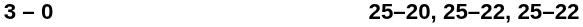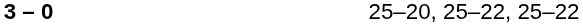 <table width=100% cellspacing=1>
 <tr>
 <th width=20%></th>
 <th width=12%></th>
 <th width=20%></th>
 <th width=33%></th>
 <td></td>
 </tr>
 <tr style=font-size:95%>
 <td align=right><strong></strong></td>
 <td align=center><strong>3 – 0</strong></td>
 <td></td>
-<td><strong>25–20, 25–22, 25–22</strong></td>
+<td>25–20, 25–22, 25–22</td>
 </tr>
 </table>
